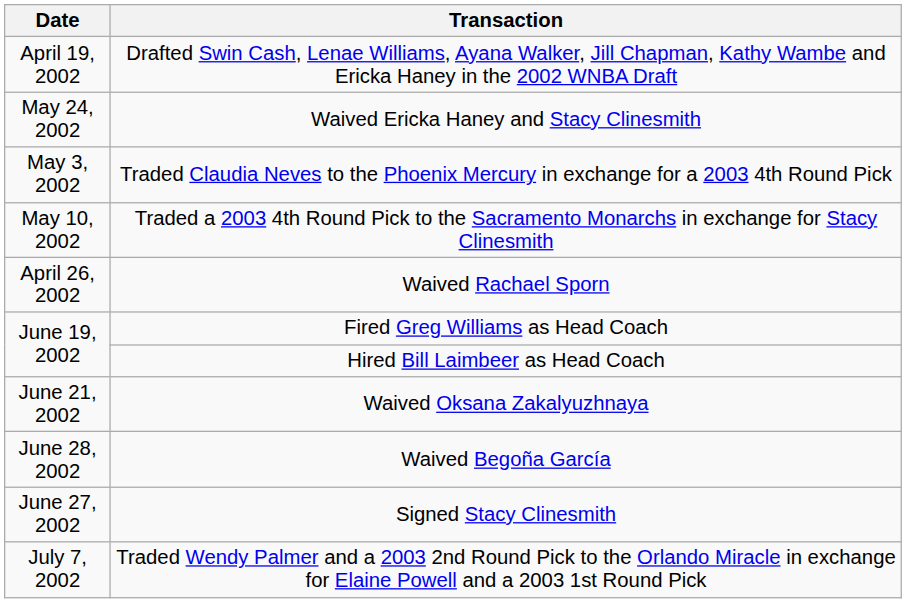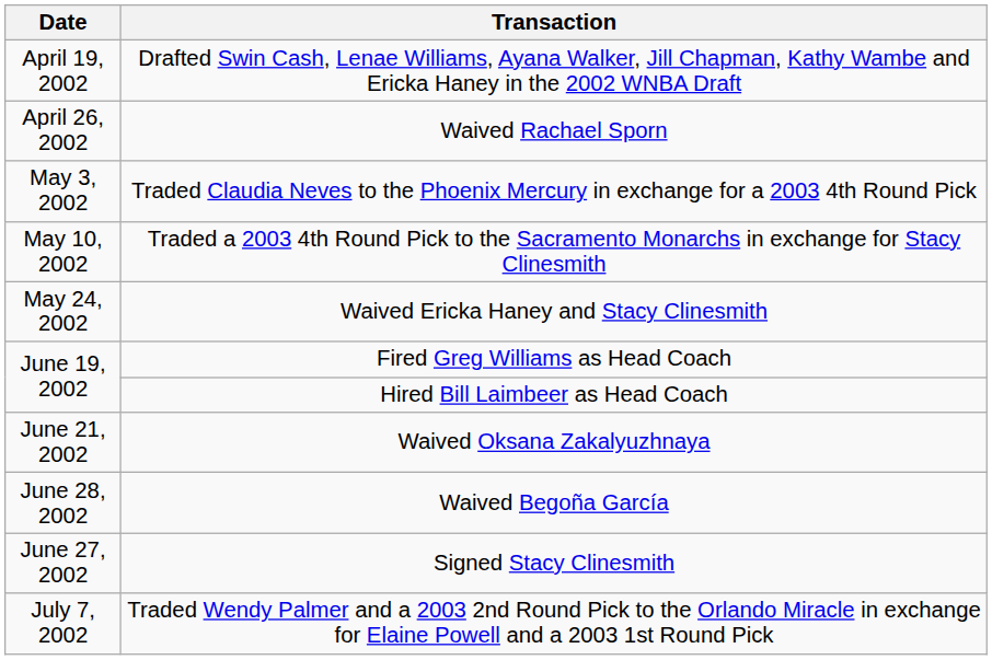 <table class="wikitable" style="width:80%; text-align: center;">
 <tr>
 <th>Date</th>
 <th>Transaction</th>
 </tr>
 <tr>
 <td>April 19, 2002</td>
 <td>Drafted <a href='#'>Swin Cash</a>, <a href='#'>Lenae Williams</a>, <a href='#'>Ayana Walker</a>, <a href='#'>Jill Chapman</a>, <a href='#'>Kathy Wambe</a> and Ericka Haney in the <a href='#'>2002 WNBA Draft</a></td>
 </tr>
 <tr>
-<td>May 24, 2002</td>
-<td>Waived Ericka Haney and <a href='#'>Stacy Clinesmith</a></td>
+<td>April 26, 2002</td>
+<td>Waived <a href='#'>Rachael Sporn</a></td>
 </tr>
 <tr>
 <td>May 3, 2002</td>
 <td>Traded <a href='#'>Claudia Neves</a> to the <a href='#'>Phoenix Mercury</a> in exchange for a <a href='#'>2003</a> 4th Round Pick</td>
 </tr>
 <tr>
 <td>May 10, 2002</td>
 <td>Traded a <a href='#'>2003</a> 4th Round Pick to the <a href='#'>Sacramento Monarchs</a> in exchange for <a href='#'>Stacy Clinesmith</a></td>
 </tr>
 <tr>
-<td>April 26, 2002</td>
-<td>Waived <a href='#'>Rachael Sporn</a></td>
+<td>May 24, 2002</td>
+<td>Waived Ericka Haney and <a href='#'>Stacy Clinesmith</a></td>
 </tr>
 <tr>
 <td rowspan="2">June 19, 2002</td>
 <td>Fired <a href='#'>Greg Williams</a> as Head Coach</td>
 </tr>
 <tr>
 <td>Hired <a href='#'>Bill Laimbeer</a> as Head Coach</td>
 </tr>
 <tr>
 <td>June 21, 2002</td>
 <td>Waived <a href='#'>Oksana Zakalyuzhnaya</a></td>
 </tr>
 <tr>
 <td>June 28, 2002</td>
 <td>Waived <a href='#'>Begoña García</a></td>
 </tr>
 <tr>
 <td>June 27, 2002</td>
 <td>Signed <a href='#'>Stacy Clinesmith</a></td>
 </tr>
 <tr>
 <td>July 7, 2002</td>
 <td>Traded <a href='#'>Wendy Palmer</a> and a <a href='#'>2003</a> 2nd Round Pick to the <a href='#'>Orlando Miracle</a> in exchange for <a href='#'>Elaine Powell</a> and a 2003 1st Round Pick </td>
 </tr>
 </table>
